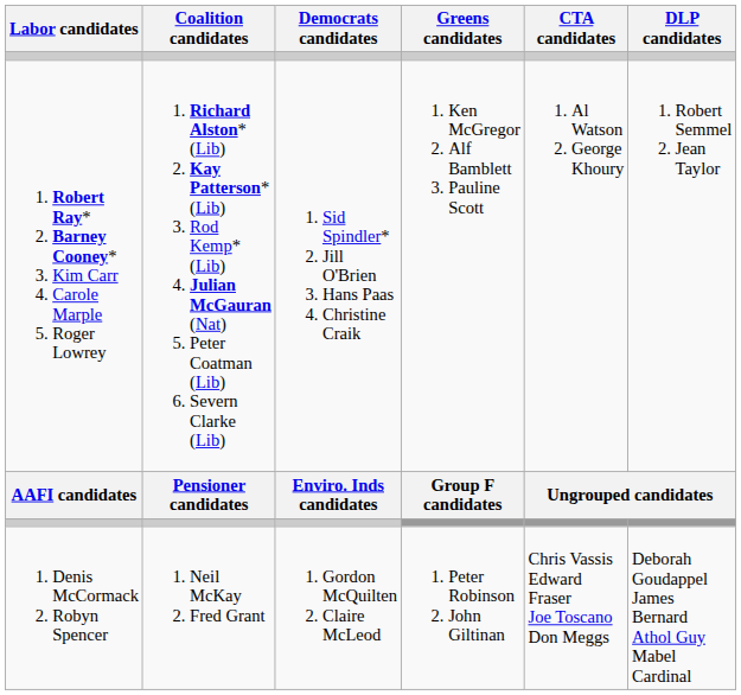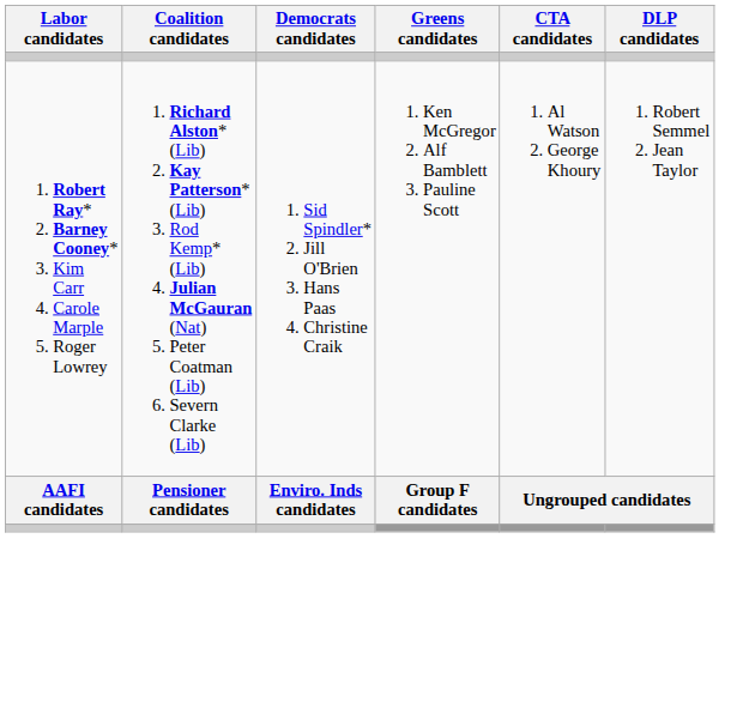 <table class="wikitable">
 <tr>
 <th><a href='#'>Labor</a> candidates</th>
 <th><a href='#'>Coalition</a> candidates</th>
 <th><a href='#'>Democrats</a> candidates</th>
 <th><a href='#'>Greens</a> candidates</th>
 <th><a href='#'>CTA</a> candidates</th>
 <th><a href='#'>DLP</a> candidates</th>
 </tr>
 <tr bgcolor="#cccccc">
 <td></td>
 <td></td>
 <td></td>
 <td></td>
 <td></td>
 <td></td>
 </tr>
 <tr>
 <td><br><ol><li><strong><a href='#'>Robert Ray</a></strong>*</li><li><strong><a href='#'>Barney Cooney</a></strong>*</li><li><a href='#'>Kim Carr</a></li><li><a href='#'>Carole Marple</a></li><li>Roger Lowrey</li></ol></td>
 <td><br><ol><li><strong><a href='#'>Richard Alston</a></strong>* (<a href='#'>Lib</a>)</li><li><strong><a href='#'>Kay Patterson</a></strong>* (<a href='#'>Lib</a>)</li><li><a href='#'>Rod Kemp</a>* (<a href='#'>Lib</a>)</li><li><strong><a href='#'>Julian McGauran</a></strong> (<a href='#'>Nat</a>)</li><li>Peter Coatman (<a href='#'>Lib</a>)</li><li>Severn Clarke (<a href='#'>Lib</a>)</li></ol></td>
 <td><br><ol><li><a href='#'>Sid Spindler</a>*</li><li>Jill O'Brien</li><li>Hans Paas</li><li>Christine Craik</li></ol></td>
 <td valign=top><br><ol><li>Ken McGregor</li><li>Alf Bamblett</li><li>Pauline Scott</li></ol></td>
 <td valign=top><br><ol><li>Al Watson</li><li>George Khoury</li></ol></td>
 <td valign=top><br><ol><li>Robert Semmel</li><li>Jean Taylor</li></ol></td>
 </tr>
 <tr bgcolor="#cccccc">
 <th><a href='#'>AAFI</a> candidates</th>
 <th><a href='#'>Pensioner</a> candidates</th>
 <th><a href='#'>Enviro. Inds</a> candidates</th>
 <th>Group F candidates</th>
 <th colspan="2">Ungrouped candidates</th>
 </tr>
 <tr bgcolor="#cccccc">
 <td></td>
 <td></td>
 <td></td>
 <td bgcolor="#999999"></td>
 <td bgcolor="#999999"></td>
 <td bgcolor="#999999"></td>
 </tr>
-<tr>
-<td valign=top><br><ol><li>Denis McCormack</li><li>Robyn Spencer</li></ol></td>
-<td valign=top><br><ol><li>Neil McKay</li><li>Fred Grant</li></ol></td>
-<td valign=top><br><ol><li>Gordon McQuilten</li><li>Claire McLeod</li></ol></td>
-<td valign=top><br><ol><li>Peter Robinson</li><li>John Giltinan</li></ol></td>
-<td valign=top><br>Chris Vassis<br> Edward Fraser<br> <a href='#'>Joe Toscano</a><br> Don Meggs</td>
-<td valign=top><br>Deborah Goudappel<br> James Bernard<br> <a href='#'>Athol Guy</a><br> Mabel Cardinal</td>
-</tr>
 </table>
